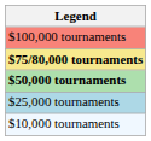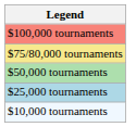 <table class="wikitable" style="font-size:85%">
 <tr>
 <th>Legend</th>
 </tr>
 <tr style="background:#f88379;">
 <td>$100,000 tournaments</td>
 </tr>
 <tr style="background:#f7e98e;">
-<td><strong>$75/80,000 tournaments</strong></td>
+<td>$75/80,000 tournaments</td>
 </tr>
 <tr style="background:#addfad;">
-<td><strong>$50,000 tournaments</strong></td>
+<td>$50,000 tournaments</td>
 </tr>
 <tr style="background:lightblue;">
 <td>$25,000 tournaments</td>
 </tr>
 <tr style="background:#f0f8ff;">
 <td>$10,000 tournaments</td>
 </tr>
 </table>
